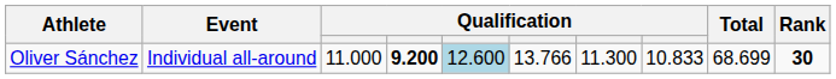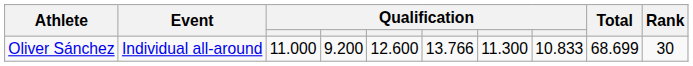 <table class="wikitable" style="font-size:90%">
 <tr>
 <th rowspan=2>Athlete</th>
 <th rowspan=2>Event</th>
 <th colspan=6>Qualification</th>
 <th rowspan=2>Total</th>
 <th rowspan=2>Rank</th>
 </tr>
 <tr style="font-size:95%">
 <th></th>
 <th></th>
 <th></th>
 <th></th>
 <th></th>
 <th></th>
 </tr>
 <tr align=center>
 <td align=left><a href='#'>Oliver Sánchez</a></td>
 <td align=left><a href='#'>Individual all-around</a></td>
 <td>11.000</td>
-<td><strong>9.200</strong></td>
-<td style="background: lightblue;">12.600</td>
+<td>9.200</td>
+<td>12.600</td>
 <td>13.766</td>
 <td>11.300</td>
 <td>10.833</td>
 <td>68.699</td>
-<td><strong>30</strong></td>
+<td>30</td>
 </tr>
 </table>
